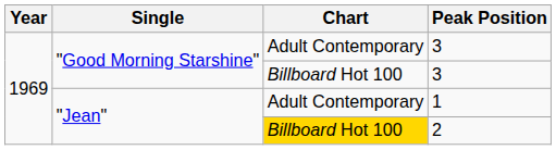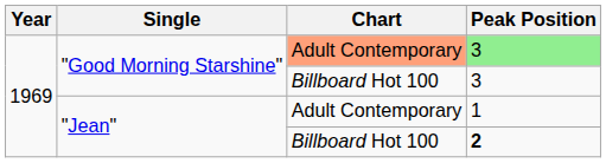 <table class="wikitable">
 <tr>
 <th align="left">Year</th>
 <th align="left">Single</th>
 <th align="left">Chart</th>
 <th align="left">Peak Position</th>
 </tr>
 <tr>
 <td align="left" rowspan="4">1969</td>
 <td align="left" rowspan="2">"<a href='#'>Good Morning Starshine</a>"</td>
-<td align="left">Adult Contemporary</td>
-<td align="left">3</td>
+<td align="left" style="background: lightsalmon;">Adult Contemporary</td>
+<td align="left" style="background: lightgreen;">3</td>
 </tr>
 <tr>
 <td align="left"><em>Billboard</em> Hot 100</td>
 <td align="left">3</td>
 </tr>
 <tr>
 <td align="left" rowspan="2">"<a href='#'>Jean</a>"</td>
 <td align="left">Adult Contemporary</td>
 <td align="left">1</td>
 </tr>
 <tr>
-<td align="left" style="background: gold;"><em>Billboard</em> Hot 100</td>
-<td align="left">2</td>
+<td align="left"><em>Billboard</em> Hot 100</td>
+<td align="left"><strong>2</strong></td>
 </tr>
 </table>
